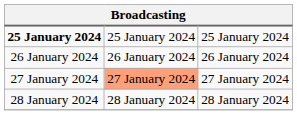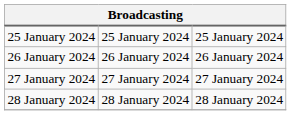 <table class=wikitable style="text-align:center;">
 <tr>
 <th colspan=3>Broadcasting</th>
 </tr>
 <tr style="border-top: 2px solid #333333;">
 </tr>
 <tr>
-<td><strong>25 January 2024 </strong></td>
+<td>25 January 2024 </td>
 <td>25 January 2024 </td>
 <td>25 January 2024 </td>
 </tr>
 <tr>
 <td>26 January 2024 </td>
 <td>26 January 2024 </td>
 <td>26 January 2024 </td>
 </tr>
 <tr>
 <td>27 January 2024 </td>
-<td style="background: lightsalmon;">27 January 2024 </td>
+<td>27 January 2024 </td>
 <td>27 January 2024 </td>
 </tr>
 <tr>
 <td>28 January 2024 </td>
 <td>28 January 2024 </td>
 <td>28 January 2024 </td>
 </tr>
 <tr>
 </tr>
 </table>
